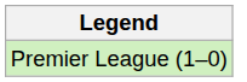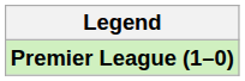 <table class="wikitable">
 <tr>
 <th>Legend</th>
 </tr>
 <tr style="background:#d0f0c0;">
-<td>Premier League (1–0)</td>
+<td><strong>Premier League (1–0)</strong></td>
 </tr>
 </table>
